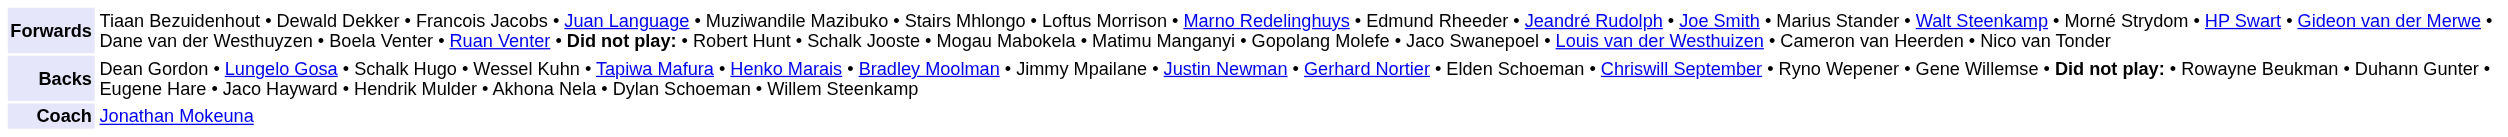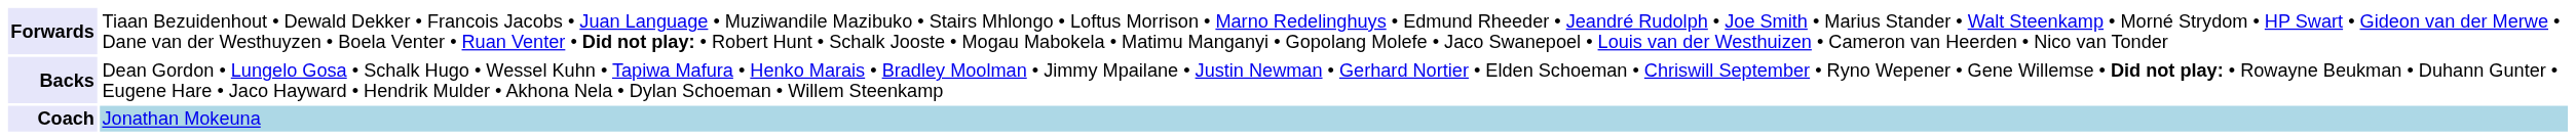 <table cellpadding="2" style="border: 1px solid white; font-size:90%;">
 <tr>
 <td style="text-align:right;" bgcolor="lavender"><strong>Forwards</strong></td>
 <td style="text-align:left;">Tiaan Bezuidenhout • Dewald Dekker • Francois Jacobs • <a href='#'>Juan Language</a> • Muziwandile Mazibuko • Stairs Mhlongo • Loftus Morrison • <a href='#'>Marno Redelinghuys</a> • Edmund Rheeder • <a href='#'>Jeandré Rudolph</a> • <a href='#'>Joe Smith</a> • Marius Stander • <a href='#'>Walt Steenkamp</a> • Morné Strydom • <a href='#'>HP Swart</a> • <a href='#'>Gideon van der Merwe</a> • Dane van der Westhuyzen • Boela Venter • <a href='#'>Ruan Venter</a> • <strong>Did not play:</strong> • Robert Hunt • Schalk Jooste • Mogau Mabokela • Matimu Manganyi • Gopolang Molefe • Jaco Swanepoel • <a href='#'>Louis van der Westhuizen</a> • Cameron van Heerden • Nico van Tonder</td>
 </tr>
 <tr>
 <td style="text-align:right;" bgcolor="lavender"><strong>Backs</strong></td>
 <td style="text-align:left;">Dean Gordon • <a href='#'>Lungelo Gosa</a> • Schalk Hugo • Wessel Kuhn • <a href='#'>Tapiwa Mafura</a> • <a href='#'>Henko Marais</a> • <a href='#'>Bradley Moolman</a> • Jimmy Mpailane • <a href='#'>Justin Newman</a> • <a href='#'>Gerhard Nortier</a> • Elden Schoeman • <a href='#'>Chriswill September</a> • Ryno Wepener • Gene Willemse • <strong>Did not play:</strong> • Rowayne Beukman • Duhann Gunter • Eugene Hare • Jaco Hayward • Hendrik Mulder • Akhona Nela • Dylan Schoeman • Willem Steenkamp</td>
 </tr>
 <tr>
 <td style="text-align:right;" bgcolor="lavender"><strong>Coach</strong></td>
-<td style="text-align:left;"><a href='#'>Jonathan Mokeuna</a></td>
+<td style="background: lightblue; text-align:left;"><a href='#'>Jonathan Mokeuna</a></td>
 </tr>
 </table>
